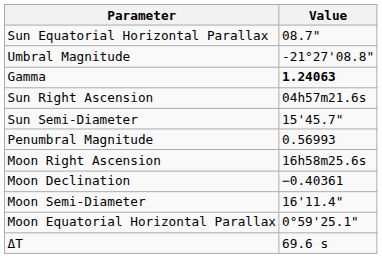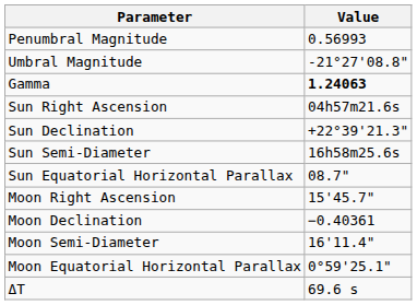 <table class="wikitable">
 <tr>
 <th>Parameter</th>
 <th>Value</th>
 </tr>
 <tr>
-<td>Sun Equatorial Horizontal Parallax</td>
-<td>08.7"</td>
+<td>Penumbral Magnitude</td>
+<td>0.56993</td>
 </tr>
 <tr>
 <td>Umbral Magnitude</td>
 <td>-21°27'08.8"</td>
 </tr>
 <tr>
 <td>Gamma</td>
 <td><strong>1.24063</strong></td>
 </tr>
 <tr>
 <td>Sun Right Ascension</td>
 <td>04h57m21.6s</td>
 </tr>
 <tr>
-<td>Sun Semi-Diameter</td>
-<td>15'45.7"</td>
+<td>Sun Declination</td>
+<td>+22°39'21.3"</td>
 </tr>
 <tr>
-<td>Penumbral Magnitude</td>
-<td>0.56993</td>
+<td>Sun Semi-Diameter</td>
+<td>16h58m25.6s</td>
+</tr>
+<tr>
+<td>Sun Equatorial Horizontal Parallax</td>
+<td>08.7"</td>
 </tr>
 <tr>
 <td>Moon Right Ascension</td>
-<td>16h58m25.6s</td>
+<td>15'45.7"</td>
 </tr>
 <tr>
 <td>Moon Declination</td>
 <td>−0.40361</td>
 </tr>
 <tr>
 <td>Moon Semi-Diameter</td>
 <td>16'11.4"</td>
 </tr>
 <tr>
 <td>Moon Equatorial Horizontal Parallax</td>
 <td>0°59'25.1"</td>
 </tr>
 <tr>
 <td>ΔT</td>
 <td>69.6 s</td>
 </tr>
 </table>
